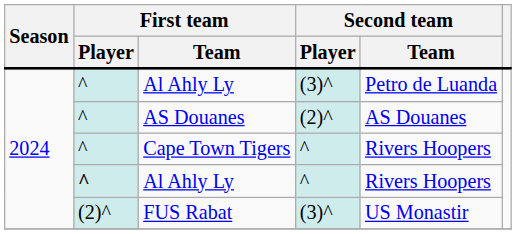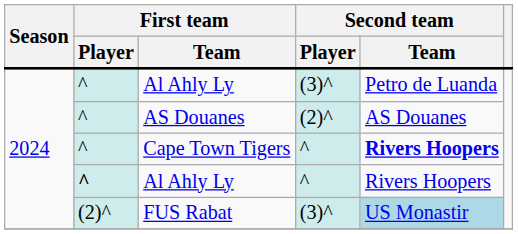 <table class="wikitable">
 <tr>
 <th rowspan=2>Season</th>
 <th colspan="2">First team</th>
 <th colspan="2">Second team</th>
 <th rowspan=2></th>
 </tr>
 <tr>
 <th>Player</th>
 <th>Team</th>
 <th>Player</th>
 <th>Team</th>
 </tr>
 <tr>
 </tr>
 <tr style="border-top:2px solid black">
 <td rowspan="5"><a href='#'>2024</a></td>
 <td style="background-color:#CFECEC;">^</td>
 <td><a href='#'>Al Ahly Ly</a></td>
 <td style="background-color:#CFECEC;"> (3)^</td>
 <td><a href='#'>Petro de Luanda</a></td>
 <td align="center" rowspan="5"></td>
 </tr>
 <tr>
 <td style="background-color:#CFECEC;">^</td>
 <td><a href='#'>AS Douanes</a></td>
 <td style="background-color:#CFECEC;"> (2)^</td>
 <td><a href='#'>AS Douanes</a></td>
 </tr>
 <tr>
 <td style="background-color:#CFECEC;">^</td>
 <td><a href='#'>Cape Town Tigers</a></td>
 <td style="background-color:#CFECEC;">^</td>
-<td><a href='#'>Rivers Hoopers</a></td>
+<td><strong><a href='#'>Rivers Hoopers</a></strong></td>
 </tr>
 <tr>
 <td style="background-color:#CFECEC;"><strong>^</strong></td>
 <td><a href='#'>Al Ahly Ly</a></td>
 <td style="background-color:#CFECEC;">^</td>
 <td><a href='#'>Rivers Hoopers</a></td>
 </tr>
 <tr>
 <td style="background-color:#CFECEC;"> (2)^</td>
 <td><a href='#'>FUS Rabat</a></td>
 <td style="background-color:#CFECEC;"> (3)^</td>
-<td><a href='#'>US Monastir</a></td>
+<td style="background: lightblue;"><a href='#'>US Monastir</a></td>
 </tr>
 <tr>
 </tr>
 </table>
